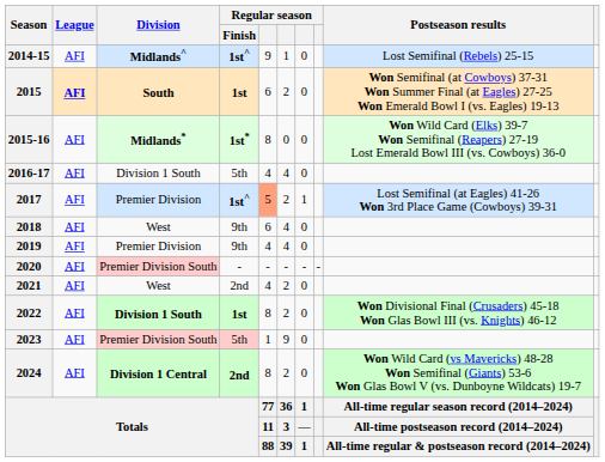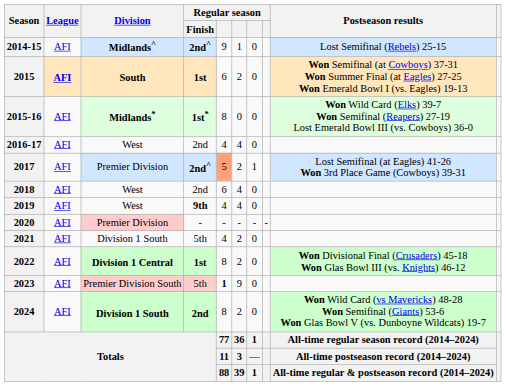 <table class="wikitable sortable" style="text-align:center">
 <tr>
 <th rowspan="2" scope="col">Season</th>
 <th rowspan="2" scope="col"><a href='#'>League</a></th>
 <th rowspan="2" scope="col"><a href='#'>Division</a></th>
 <th colspan="5">Regular season</th>
 <th rowspan="2" scope="col" class="unsortable">Postseason results</th>
 <th rowspan="2" scope="col" class="unsortable"></th>
 </tr>
 <tr>
 <th>Finish</th>
 <th scope="col"></th>
 <th scope="col"></th>
 <th scope="col"></th>
 <th scope="col"></th>
 </tr>
 <tr>
 <th>2014-15</th>
 <td><a href='#'>AFI</a></td>
 <td style="background:#D0E7FF"><strong>Midlands<sup>^</sup></strong></td>
-<td style="background:#D0E7FF"><strong>1st<sup>^</sup></strong></td>
+<td style="background:#D0E7FF"><strong>2nd<sup>^</sup></strong></td>
 <td>9</td>
 <td>1</td>
 <td>0</td>
 <td></td>
 <td style="background:#D0E7FF">Lost Semifinal (<a href='#'>Rebels</a>) 25-15</td>
 <td></td>
 </tr>
 <tr>
 <th>2015</th>
 <td style="background-color: #FFE6BD"><strong><a href='#'>AFI</a><sup></sup></strong></td>
 <td style="background-color: #FFE6BD"><strong>South<sup></sup></strong></td>
 <td style="background-color: #FFE6BD"><strong>1st<sup></sup></strong></td>
 <td>6</td>
 <td>2</td>
 <td>0</td>
 <td></td>
 <td style="background-color: #FFE6BD"><strong>Won</strong> Semifinal (at <a href='#'>Cowboys</a>) 37-31<br><strong>Won</strong> Summer Final (at <a href='#'>Eagles</a>) 27-25<br><strong>Won</strong> Emerald Bowl I (vs. Eagles) 19-13</td>
 <td></td>
 </tr>
 <tr>
 <th>2015-16</th>
 <td><a href='#'>AFI</a></td>
 <td style="background: #DDFFDD"><strong>Midlands<sup>*</sup></strong></td>
 <td style="background: #DDFFDD"><strong>1st<sup>*</sup></strong></td>
 <td>8</td>
 <td>0</td>
 <td>0</td>
 <td></td>
 <td style="background: #DDFFDD"><strong>Won</strong> Wild Card (<a href='#'>Elks</a>) 39-7<br><strong>Won</strong> Semifinal (<a href='#'>Reapers</a>) 27-19<br>Lost Emerald Bowl III (vs. Cowboys) 36-0</td>
 <td></td>
 </tr>
 <tr>
 <th>2016-17</th>
 <td><a href='#'>AFI</a></td>
-<td>Division 1 South</td>
-<td>5th</td>
+<td>West</td>
+<td>2nd</td>
 <td>4</td>
 <td>4</td>
 <td>0</td>
 <td></td>
 <td></td>
 <td></td>
 </tr>
 <tr>
 <th>2017</th>
 <td><a href='#'>AFI</a></td>
 <td style="background:#D0E7FF">Premier Division</td>
-<td style="background:#D0E7FF"><strong>1st<sup>^</sup></strong></td>
+<td style="background:#D0E7FF"><strong>2nd<sup>^</sup></strong></td>
 <td style="background: lightsalmon;">5</td>
 <td>2</td>
 <td>1</td>
 <td></td>
 <td style="background:#D0E7FF">Lost Semifinal (at Eagles) 41-26<br><strong>Won</strong> 3rd Place Game (Cowboys) 39-31</td>
 <td></td>
 </tr>
 <tr>
 <th>2018</th>
 <td><a href='#'>AFI</a></td>
 <td>West</td>
-<td>9th</td>
+<td>2nd</td>
 <td>6</td>
 <td>4</td>
 <td>0</td>
 <td></td>
 <td></td>
 <td></td>
 </tr>
 <tr>
 <th>2019</th>
 <td><a href='#'>AFI</a></td>
-<td>Premier Division</td>
-<td>9th</td>
+<td>West</td>
+<td><strong>9th</strong></td>
 <td>4</td>
 <td>4</td>
 <td>0</td>
 <td></td>
 <td></td>
 <td></td>
 </tr>
 <tr>
 <th>2020</th>
 <td><a href='#'>AFI</a></td>
-<td style="background:#FFCCCC">Premier Division South</td>
+<td style="background:#FFCCCC">Premier Division</td>
 <td>-</td>
 <td>-</td>
 <td>-</td>
 <td>-</td>
 <td>-</td>
 <td></td>
 <td> </td>
 </tr>
 <tr>
 <th>2021</th>
 <td><a href='#'>AFI</a></td>
-<td>West</td>
-<td>2nd</td>
+<td>Division 1 South</td>
+<td>5th</td>
 <td>4</td>
 <td>2</td>
 <td>0</td>
 <td></td>
 <td></td>
 <td></td>
 </tr>
 <tr>
 <th>2022</th>
 <td><a href='#'>AFI</a></td>
-<td style="background:#cfc"><strong>Division 1 South<sup></sup></strong></td>
+<td style="background:#cfc"><strong>Division 1 Central</strong><sup></sup></td>
 <td style="background:#cfc"><strong>1st<sup></sup></strong></td>
 <td>8</td>
 <td>2</td>
 <td>0</td>
 <td></td>
 <td style="background:#cfc"><strong>Won</strong> Divisional Final (<a href='#'>Crusaders</a>) 45-18<br><strong>Won</strong> Glas Bowl III (vs. <a href='#'>Knights</a>) 46-12</td>
 <td></td>
 </tr>
 <tr>
 <th>2023</th>
 <td><a href='#'>AFI</a></td>
 <td style="background:#FFCCCC">Premier Division South</td>
 <td style="background:#FFCCCC">5th</td>
-<td>1</td>
+<td><strong>1</strong></td>
 <td>9</td>
 <td>0</td>
 <td></td>
 <td></td>
 <td></td>
 </tr>
 <tr>
 <th>2024</th>
 <td><a href='#'>AFI</a></td>
-<td style="background:#cfc"><strong>Division 1 Central</strong><sup></sup></td>
+<td style="background:#cfc"><strong>Division 1 South<sup></sup></strong></td>
 <td style="background:#cfc"><strong>2nd<sup></sup></strong></td>
 <td>8</td>
 <td>2</td>
 <td>0</td>
 <td></td>
 <td style="background:#cfc"><strong>Won</strong> Wild Card (<a href='#'>vs Mavericks</a>) 48-28<br><strong>Won</strong> Semifinal (<a href='#'>Giants</a>) 53-6<br><strong>Won</strong> Glas Bowl V (vs. Dunboyne Wildcats) 19-7</td>
 <td></td>
 </tr>
 <tr class="sortbottom">
 <th colspan="4" rowspan="3" scope="rowgroup">Totals</th>
 <th>77</th>
 <th>36</th>
 <th>1</th>
 <th></th>
 <th>All-time regular season record (2014–2024)</th>
 <th rowspan="3"></th>
 </tr>
 <tr class="sortbottom">
 <th>11</th>
 <th>3</th>
 <th>—</th>
 <th></th>
 <th>All-time postseason record (2014–2024)</th>
 </tr>
 <tr class="sortbottom">
 <th>88</th>
 <th>39</th>
 <th>1</th>
 <th></th>
 <th>All-time regular & postseason record (2014–2024)</th>
 </tr>
 </table>
